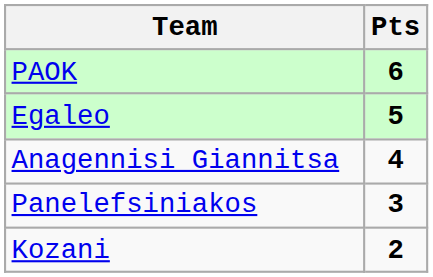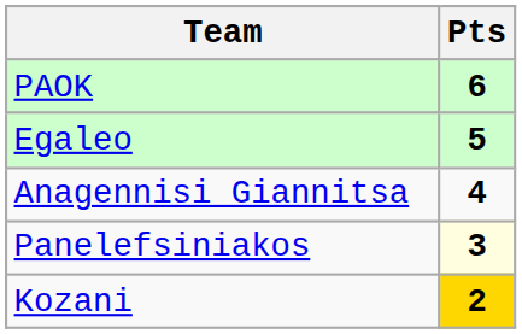 <table class="wikitable" style="text-align: center;">
 <tr>
 <th width=165>Team</th>
 <th width=20>Pts</th>
 </tr>
 <tr bgcolor="#ccffcc">
 <td align=left><a href='#'>PAOK</a></td>
 <td><strong>6</strong></td>
 </tr>
 <tr bgcolor="#ccffcc">
 <td align=left><a href='#'>Egaleo</a></td>
 <td><strong>5</strong></td>
 </tr>
 <tr>
 <td align=left><a href='#'>Anagennisi Giannitsa</a></td>
 <td><strong>4</strong></td>
 </tr>
 <tr>
 <td align=left><a href='#'>Panelefsiniakos</a></td>
-<td><strong>3</strong></td>
+<td style="background: lightyellow;"><strong>3</strong></td>
 </tr>
 <tr>
 <td align=left><a href='#'>Kozani</a></td>
-<td><strong>2</strong></td>
+<td style="background: gold;"><strong>2</strong></td>
 </tr>
 </table>
